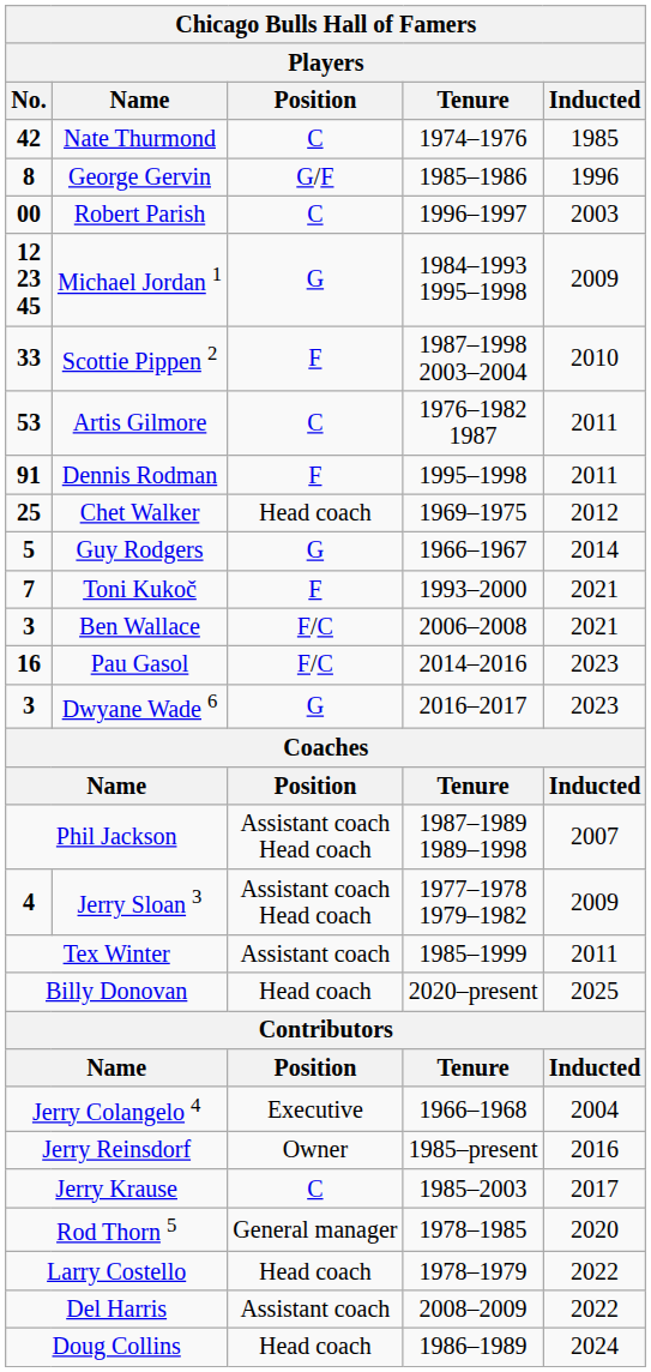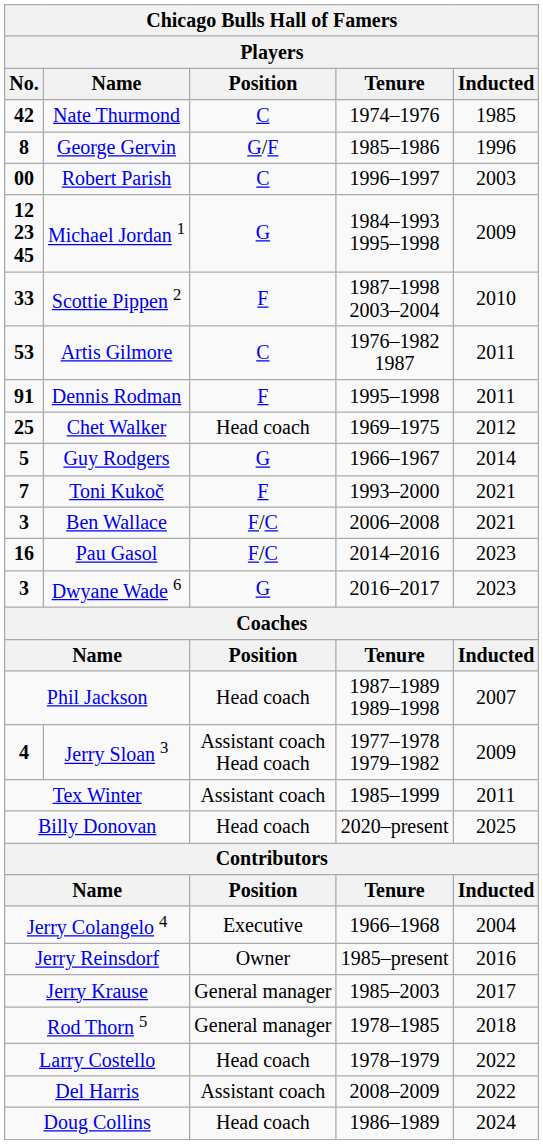 <table class="wikitable" style="text-align:center">
 <tr>
 <th colspan="5">Chicago Bulls Hall of Famers</th>
 </tr>
 <tr>
 <th colspan="5" style="text-align:center; ">Players</th>
 </tr>
 <tr>
 <th>No.</th>
 <th>Name</th>
 <th>Position</th>
 <th>Tenure</th>
 <th>Inducted</th>
 </tr>
 <tr>
 <td><strong>42</strong></td>
 <td><a href='#'>Nate Thurmond</a></td>
 <td><a href='#'>C</a></td>
 <td>1974–1976</td>
 <td>1985</td>
 </tr>
 <tr>
 <td><strong>8</strong></td>
 <td><a href='#'>George Gervin</a></td>
 <td><a href='#'>G</a>/<a href='#'>F</a></td>
 <td>1985–1986</td>
 <td>1996</td>
 </tr>
 <tr>
 <td><strong>00</strong></td>
 <td><a href='#'>Robert Parish</a></td>
 <td><a href='#'>C</a></td>
 <td>1996–1997</td>
 <td>2003</td>
 </tr>
 <tr>
 <td><strong>12</strong><br><strong>23</strong><br><strong>45</strong></td>
 <td><a href='#'>Michael Jordan</a> <sup>1</sup></td>
 <td><a href='#'>G</a></td>
 <td>1984–1993<br>1995–1998</td>
 <td>2009</td>
 </tr>
 <tr>
 <td><strong>33</strong></td>
 <td><a href='#'>Scottie Pippen</a> <sup>2</sup></td>
 <td><a href='#'>F</a></td>
 <td>1987–1998<br>2003–2004</td>
 <td>2010</td>
 </tr>
 <tr>
 <td><strong>53</strong></td>
 <td><a href='#'>Artis Gilmore</a></td>
 <td><a href='#'>C</a></td>
 <td>1976–1982<br>1987</td>
 <td>2011</td>
 </tr>
 <tr>
 <td><strong>91</strong></td>
 <td><a href='#'>Dennis Rodman</a></td>
 <td><a href='#'>F</a></td>
 <td>1995–1998</td>
 <td>2011</td>
 </tr>
 <tr>
 <td><strong>25</strong></td>
 <td><a href='#'>Chet Walker</a></td>
 <td>Head coach</td>
 <td>1969–1975</td>
 <td>2012</td>
 </tr>
 <tr>
 <td><strong>5</strong></td>
 <td><a href='#'>Guy Rodgers</a></td>
 <td><a href='#'>G</a></td>
 <td>1966–1967</td>
 <td>2014</td>
 </tr>
 <tr>
 <td><strong>7</strong></td>
 <td><a href='#'>Toni Kukoč</a></td>
 <td><a href='#'>F</a></td>
 <td>1993–2000</td>
 <td>2021</td>
 </tr>
 <tr>
 <td><strong>3</strong></td>
 <td><a href='#'>Ben Wallace</a></td>
 <td><a href='#'>F</a>/<a href='#'>C</a></td>
 <td>2006–2008</td>
 <td>2021</td>
 </tr>
 <tr>
 <td><strong>16</strong></td>
 <td><a href='#'>Pau Gasol</a></td>
 <td><a href='#'>F</a>/<a href='#'>C</a></td>
 <td>2014–2016</td>
 <td>2023</td>
 </tr>
 <tr>
 <td><strong>3</strong></td>
 <td><a href='#'>Dwyane Wade</a> <sup>6</sup></td>
 <td><a href='#'>G</a></td>
 <td>2016–2017</td>
 <td>2023</td>
 </tr>
 <tr>
 <th colspan="6" style="text-align:center; ">Coaches</th>
 </tr>
 <tr>
 <th colspan="2">Name</th>
 <th>Position</th>
 <th>Tenure</th>
 <th>Inducted</th>
 </tr>
 <tr>
 <td colspan="2"><a href='#'>Phil Jackson</a></td>
-<td>Assistant coach<br>Head coach</td>
+<td>Head coach</td>
 <td>1987–1989<br>1989–1998</td>
 <td>2007</td>
 </tr>
 <tr>
 <td><strong>4</strong></td>
 <td><a href='#'>Jerry Sloan</a> <sup>3</sup></td>
 <td>Assistant coach<br>Head coach</td>
 <td>1977–1978<br>1979–1982</td>
 <td>2009</td>
 </tr>
 <tr>
 <td colspan="2"><a href='#'>Tex Winter</a></td>
 <td>Assistant coach</td>
 <td>1985–1999</td>
 <td>2011</td>
 </tr>
 <tr>
 <td colspan="2"><a href='#'>Billy Donovan</a></td>
 <td>Head coach</td>
 <td>2020–present</td>
 <td>2025</td>
 </tr>
 <tr>
 <th colspan="5" style="text-align:center; ">Contributors</th>
 </tr>
 <tr>
 <th colspan="2">Name</th>
 <th>Position</th>
 <th>Tenure</th>
 <th>Inducted</th>
 </tr>
 <tr>
 <td colspan="2"><a href='#'>Jerry Colangelo</a> <sup>4</sup></td>
 <td>Executive</td>
 <td>1966–1968</td>
 <td>2004</td>
 </tr>
 <tr>
 <td colspan="2"><a href='#'>Jerry Reinsdorf</a></td>
 <td>Owner</td>
 <td>1985–present</td>
 <td>2016</td>
 </tr>
 <tr>
 <td colspan="2"><a href='#'>Jerry Krause</a></td>
-<td><a href='#'>C</a></td>
+<td>General manager</td>
 <td>1985–2003</td>
 <td>2017</td>
 </tr>
 <tr>
 <td colspan="2"><a href='#'>Rod Thorn</a> <sup>5</sup></td>
 <td>General manager</td>
 <td>1978–1985</td>
-<td>2020</td>
+<td>2018</td>
 </tr>
 <tr>
 <td colspan="2"><a href='#'>Larry Costello</a></td>
 <td>Head coach</td>
 <td>1978–1979</td>
 <td>2022</td>
 </tr>
 <tr>
 <td colspan="2"><a href='#'>Del Harris</a></td>
 <td>Assistant coach</td>
 <td>2008–2009</td>
 <td>2022</td>
 </tr>
 <tr>
 <td colspan="2"><a href='#'>Doug Collins</a></td>
 <td>Head coach</td>
 <td>1986–1989</td>
 <td>2024</td>
 </tr>
 </table>
